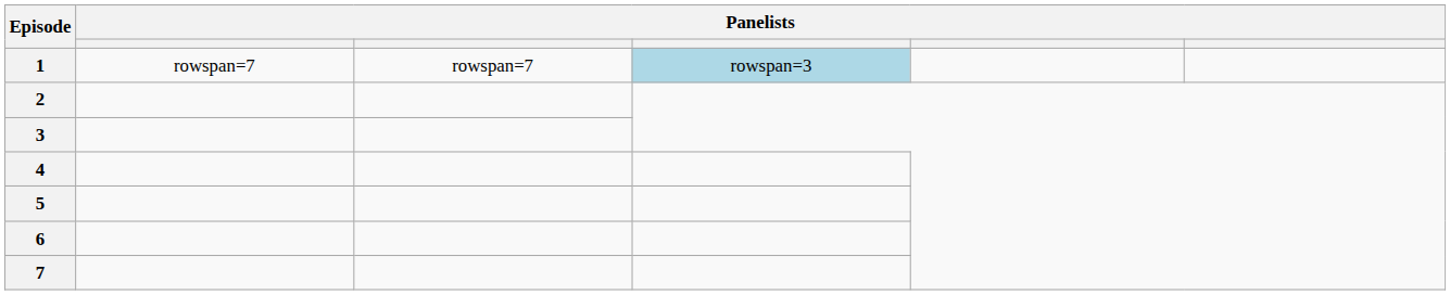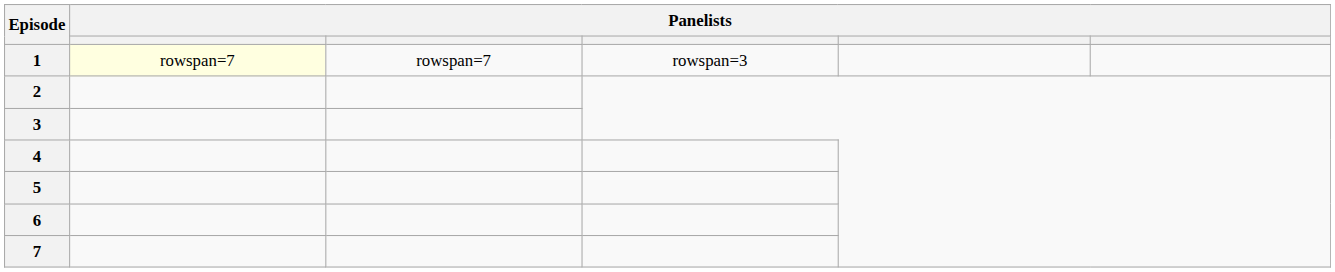 <table class="wikitable plainrowheaders mw-collapsible" style="text-align:center; line-height:23px; width:100%;">
 <tr>
 <th rowspan=2 width=1%>Episode</th>
 <th colspan=5>Panelists</th>
 </tr>
 <tr>
 <th width="20%"></th>
 <th width="20%"></th>
 <th width="20%"></th>
 <th width="20%"></th>
 <th width="20%"></th>
 </tr>
 <tr>
 <th>1</th>
+<td style="background: lightyellow;">rowspan=7 </td>
 <td>rowspan=7 </td>
-<td>rowspan=7 </td>
-<td style="background: lightblue;">rowspan=3 </td>
+<td>rowspan=3 </td>
 <td></td>
 <td></td>
 </tr>
 <tr>
 <th>2</th>
 <td></td>
 <td></td>
 </tr>
 <tr>
 <th>3</th>
 <td></td>
 <td></td>
 </tr>
 <tr>
 <th>4</th>
 <td></td>
 <td></td>
 <td></td>
 </tr>
 <tr>
 <th>5</th>
 <td></td>
 <td></td>
 <td></td>
 </tr>
 <tr>
 <th>6</th>
 <td></td>
 <td></td>
 <td></td>
 </tr>
 <tr>
 <th>7</th>
 <td></td>
 <td></td>
 <td></td>
 </tr>
 </table>
